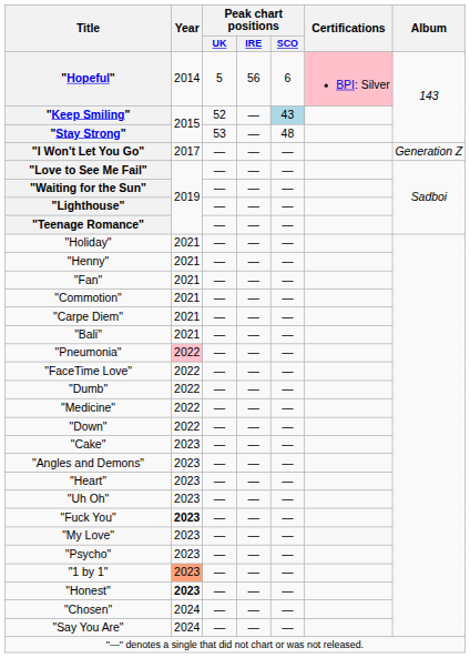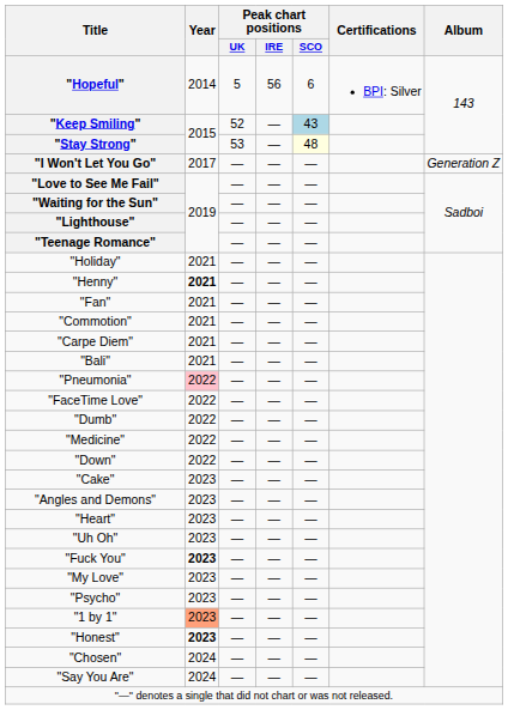 <table class="wikitable plainrowheaders" style="text-align:center;">
 <tr>
 <th scope="col" rowspan="2" style="width:14em;">Title</th>
 <th scope="col" rowspan="2" style="width:1em;">Year</th>
 <th scope="col" colspan="3">Peak chart positions</th>
 <th scope="col" rowspan="2">Certifications</th>
 <th scope="col" rowspan="2">Album</th>
 </tr>
 <tr>
 <th scope="col" style="width:3em;font-size:85%;"><a href='#'>UK</a><br></th>
 <th scope="col" style="width:3em;font-size:85%;"><a href='#'>IRE</a><br></th>
 <th scope="col" style="width:3em;font-size:85%;"><a href='#'>SCO</a><br></th>
 </tr>
 <tr>
 <th scope="row">"<a href='#'>Hopeful</a>"</th>
 <td>2014</td>
 <td>5</td>
 <td>56</td>
 <td>6</td>
-<td style="background: pink;"><br><ul><li><a href='#'>BPI</a>: Silver</li></ul></td>
+<td><br><ul><li><a href='#'>BPI</a>: Silver</li></ul></td>
 <td rowspan="3"><em>143</em></td>
 </tr>
 <tr>
 <th scope="row">"<a href='#'>Keep Smiling</a>"</th>
 <td rowspan="2">2015</td>
 <td>52</td>
 <td>—</td>
 <td style="background: lightblue;">43</td>
 <td></td>
 </tr>
 <tr>
 <th scope="row">"<a href='#'>Stay Strong</a>"</th>
 <td>53</td>
 <td>—</td>
-<td>48</td>
+<td style="background: lightyellow;">48</td>
 <td></td>
 </tr>
 <tr>
 <th scope="row">"I Won't Let You Go"</th>
 <td>2017</td>
 <td>—</td>
 <td>—</td>
 <td>—</td>
 <td></td>
 <td><em>Generation Z</em></td>
 </tr>
 <tr>
 <th scope="row">"Love to See Me Fail"</th>
 <td rowspan="4">2019</td>
 <td>—</td>
 <td>—</td>
 <td>—</td>
 <td></td>
 <td rowspan="4"><em>Sadboi</em></td>
 </tr>
 <tr>
 <th scope="row">"Waiting for the Sun"</th>
 <td>—</td>
 <td>—</td>
 <td>—</td>
 <td></td>
 </tr>
 <tr>
 <th scope="row">"Lighthouse"</th>
 <td>—</td>
 <td>—</td>
 <td>—</td>
 <td></td>
 </tr>
 <tr>
 <th scope="row">"Teenage Romance"</th>
 <td>—</td>
 <td>—</td>
 <td>—</td>
 <td></td>
 </tr>
 <tr>
 <td scope="row">"Holiday"</td>
 <td>2021</td>
 <td>―</td>
 <td>―</td>
 <td>―</td>
 <td></td>
 </tr>
 <tr>
 <td>"Henny"</td>
-<td>2021</td>
+<td><strong>2021</strong></td>
 <td>―</td>
 <td>―</td>
 <td>―</td>
 <td></td>
 </tr>
 <tr>
 <td>"Fan"</td>
 <td>2021</td>
 <td>―</td>
 <td>―</td>
 <td>―</td>
 <td></td>
 </tr>
 <tr>
 <td>"Commotion"</td>
 <td>2021</td>
 <td>―</td>
 <td>―</td>
 <td>―</td>
 <td></td>
 </tr>
 <tr>
 <td>"Carpe Diem"</td>
 <td>2021</td>
 <td>―</td>
 <td>―</td>
 <td>―</td>
 <td></td>
 </tr>
 <tr>
 <td>"Bali"</td>
 <td>2021</td>
 <td>―</td>
 <td>―</td>
 <td>―</td>
 <td></td>
 </tr>
 <tr>
 <td scope="row">"Pneumonia"</td>
 <td style="background: pink;">2022</td>
 <td>―</td>
 <td>―</td>
 <td>―</td>
 <td></td>
 </tr>
 <tr>
 <td scope="row">"FaceTime Love"</td>
 <td>2022</td>
 <td>―</td>
 <td>―</td>
 <td>―</td>
 <td></td>
 </tr>
 <tr>
 <td scope="row">"Dumb"</td>
 <td>2022</td>
 <td>―</td>
 <td>―</td>
 <td>―</td>
 <td></td>
 </tr>
 <tr>
 <td scope="row">"Medicine"</td>
 <td>2022</td>
 <td>―</td>
 <td>―</td>
 <td>―</td>
 <td></td>
 </tr>
 <tr>
 <td scope="row">"Down"</td>
 <td>2022</td>
 <td>―</td>
 <td>―</td>
 <td>―</td>
 <td></td>
 </tr>
 <tr>
 <td>"Cake"</td>
 <td>2023</td>
 <td>―</td>
 <td>―</td>
 <td>―</td>
 <td></td>
 </tr>
 <tr>
 <td>"Angles and Demons"</td>
 <td>2023</td>
 <td>―</td>
 <td>―</td>
 <td>―</td>
 <td></td>
 </tr>
 <tr>
 <td>"Heart"</td>
 <td>2023</td>
 <td>―</td>
 <td>―</td>
 <td>―</td>
 <td></td>
 </tr>
 <tr>
 <td>"Uh Oh"</td>
 <td>2023</td>
 <td>―</td>
 <td>―</td>
 <td>―</td>
 <td></td>
 </tr>
 <tr>
 <td>"Fuck You"</td>
 <td><strong>2023</strong></td>
 <td>―</td>
 <td>―</td>
 <td>―</td>
 <td></td>
 </tr>
 <tr>
 <td>"My Love"</td>
 <td>2023</td>
 <td>―</td>
 <td>―</td>
 <td>―</td>
 <td></td>
 </tr>
 <tr>
 <td>"Psycho"</td>
 <td>2023</td>
 <td>―</td>
 <td>―</td>
 <td>―</td>
 <td></td>
 </tr>
 <tr>
 <td>"1 by 1"</td>
 <td style="background: lightsalmon;">2023</td>
 <td>―</td>
 <td>―</td>
 <td>―</td>
 <td></td>
 </tr>
 <tr>
 <td>"Honest"</td>
 <td><strong>2023</strong></td>
 <td>―</td>
 <td>―</td>
 <td>―</td>
 <td></td>
 </tr>
 <tr>
 <td>"Chosen"</td>
 <td>2024</td>
 <td>―</td>
 <td>―</td>
 <td>―</td>
 <td></td>
 </tr>
 <tr>
 <td>"Say You Are"</td>
 <td>2024</td>
 <td>―</td>
 <td>―</td>
 <td>―</td>
 <td></td>
 </tr>
 <tr>
 <td colspan="20" style="font-size:85%">"—" denotes a single that did not chart or was not released.</td>
 </tr>
 </table>
